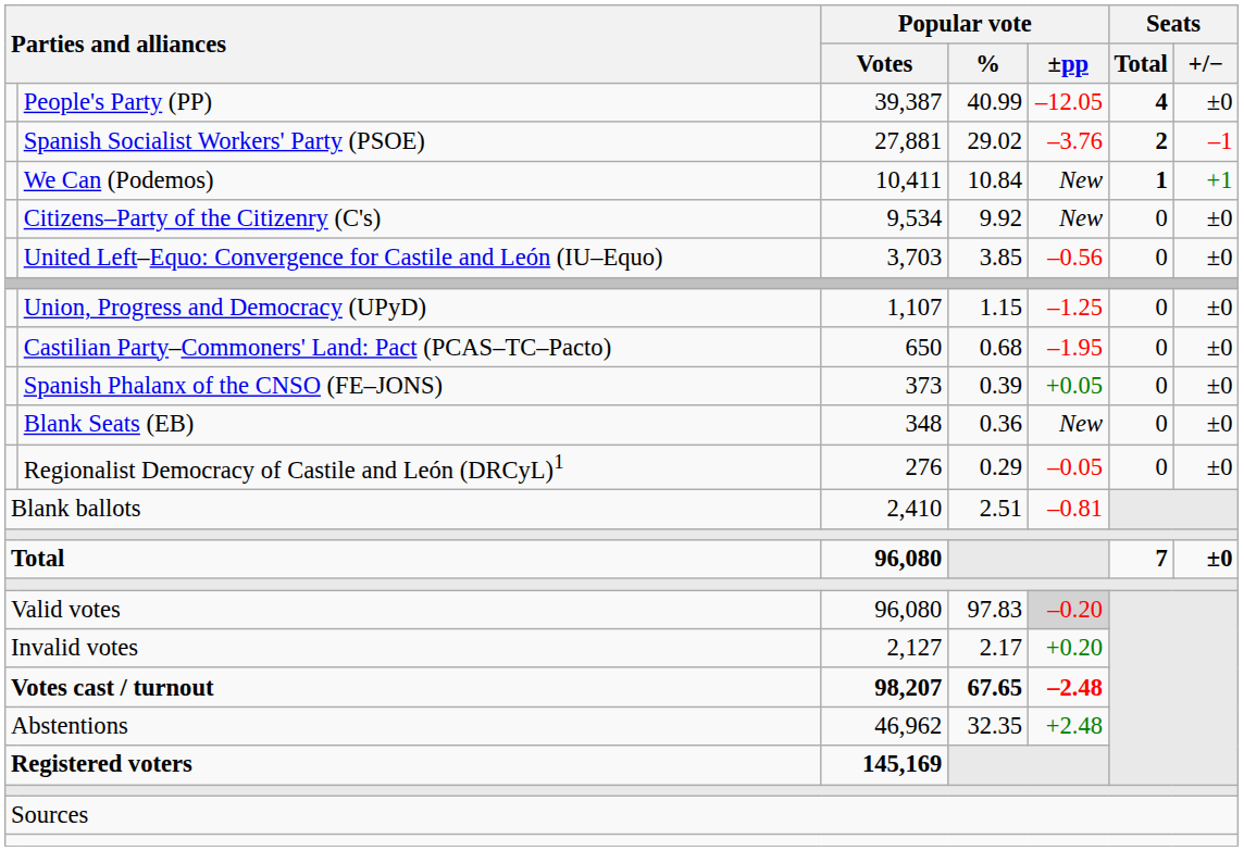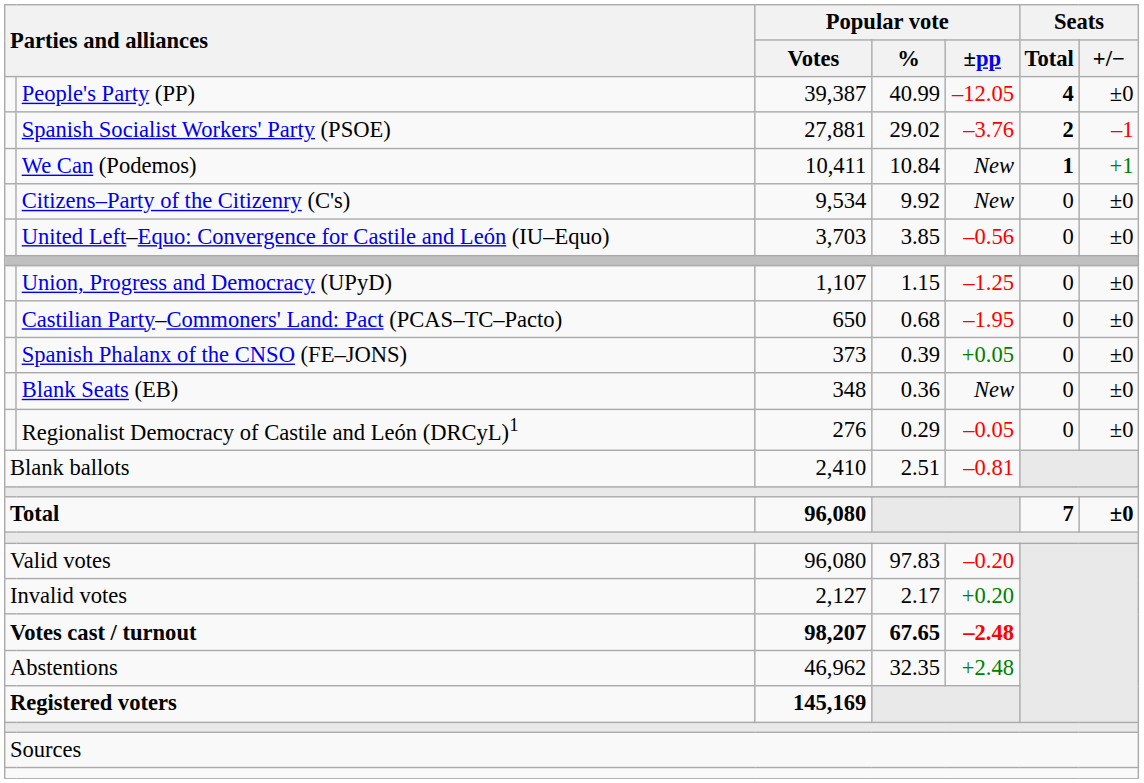 <table class="wikitable" style="text-align:right;">
 <tr>
 <th style="text-align:left;" rowspan="2" colspan="2" width="525">Parties and alliances</th>
 <th colspan="3">Popular vote</th>
 <th colspan="2">Seats</th>
 </tr>
 <tr>
 <th width="75">Votes</th>
 <th width="45">%</th>
 <th width="45">±<a href='#'>pp</a></th>
 <th width="35">Total</th>
 <th width="35">+/−</th>
 </tr>
 <tr>
 <td width="1" style="color:inherit;background:"></td>
 <td align="left"><a href='#'>People's Party</a> (PP)</td>
 <td>39,387</td>
 <td>40.99</td>
 <td style="color:red;">–12.05</td>
 <td><strong>4</strong></td>
 <td>±0</td>
 </tr>
 <tr>
 <td style="color:inherit;background:"></td>
 <td align="left"><a href='#'>Spanish Socialist Workers' Party</a> (PSOE)</td>
 <td>27,881</td>
 <td>29.02</td>
 <td style="color:red;">–3.76</td>
 <td><strong>2</strong></td>
 <td style="color:red;">–1</td>
 </tr>
 <tr>
 <td style="color:inherit;background:"></td>
 <td align="left"><a href='#'>We Can</a> (Podemos)</td>
 <td>10,411</td>
 <td>10.84</td>
 <td><em>New</em></td>
 <td><strong>1</strong></td>
 <td style="color:green;">+1</td>
 </tr>
 <tr>
 <td style="color:inherit;background:"></td>
 <td align="left"><a href='#'>Citizens–Party of the Citizenry</a> (C's)</td>
 <td>9,534</td>
 <td>9.92</td>
 <td><em>New</em></td>
 <td>0</td>
 <td>±0</td>
 </tr>
 <tr>
 <td style="color:inherit;background:"></td>
 <td align="left"><a href='#'>United Left</a>–<a href='#'>Equo: Convergence for Castile and León</a> (IU–Equo)</td>
 <td>3,703</td>
 <td>3.85</td>
 <td style="color:red;">–0.56</td>
 <td>0</td>
 <td>±0</td>
 </tr>
 <tr>
 <td colspan="7" bgcolor="#C0C0C0"></td>
 </tr>
 <tr>
 <td style="color:inherit;background:"></td>
 <td align="left"><a href='#'>Union, Progress and Democracy</a> (UPyD)</td>
 <td>1,107</td>
 <td>1.15</td>
 <td style="color:red;">–1.25</td>
 <td>0</td>
 <td>±0</td>
 </tr>
 <tr>
 <td style="color:inherit;background:"></td>
 <td align="left"><a href='#'>Castilian Party</a>–<a href='#'>Commoners' Land: Pact</a> (PCAS–TC–Pacto)</td>
 <td>650</td>
 <td>0.68</td>
 <td style="color:red;">–1.95</td>
 <td>0</td>
 <td>±0</td>
 </tr>
 <tr>
 <td style="color:inherit;background:"></td>
 <td align="left"><a href='#'>Spanish Phalanx of the CNSO</a> (FE–JONS)</td>
 <td>373</td>
 <td>0.39</td>
 <td style="color:green;">+0.05</td>
 <td>0</td>
 <td>±0</td>
 </tr>
 <tr>
 <td style="color:inherit;background:"></td>
 <td align="left"><a href='#'>Blank Seats</a> (EB)</td>
 <td>348</td>
 <td>0.36</td>
 <td><em>New</em></td>
 <td>0</td>
 <td>±0</td>
 </tr>
 <tr>
 <td style="color:inherit;background:"></td>
 <td align="left">Regionalist Democracy of Castile and León (DRCyL)<sup>1</sup></td>
 <td>276</td>
 <td>0.29</td>
 <td style="color:red;">–0.05</td>
 <td>0</td>
 <td>±0</td>
 </tr>
 <tr>
 <td align="left" colspan="2">Blank ballots</td>
 <td>2,410</td>
 <td>2.51</td>
 <td style="color:red;">–0.81</td>
 <td bgcolor="#E9E9E9" colspan="2"></td>
 </tr>
 <tr>
 <td colspan="7" bgcolor="#E9E9E9"></td>
 </tr>
 <tr style="font-weight:bold;">
 <td align="left" colspan="2">Total</td>
 <td>96,080</td>
 <td bgcolor="#E9E9E9" colspan="2"></td>
 <td>7</td>
 <td>±0</td>
 </tr>
 <tr>
 <td colspan="7" bgcolor="#E9E9E9"></td>
 </tr>
 <tr>
 <td align="left" colspan="2">Valid votes</td>
 <td>96,080</td>
 <td>97.83</td>
-<td style="background: lightgrey; color:red;">–0.20</td>
+<td style="color:red;">–0.20</td>
 <td bgcolor="#E9E9E9" colspan="2" rowspan="5"></td>
 </tr>
 <tr>
 <td align="left" colspan="2">Invalid votes</td>
 <td>2,127</td>
 <td>2.17</td>
 <td style="color:green;">+0.20</td>
 </tr>
 <tr style="font-weight:bold;">
 <td align="left" colspan="2">Votes cast / turnout</td>
 <td>98,207</td>
 <td>67.65</td>
 <td style="color:red;">–2.48</td>
 </tr>
 <tr>
 <td align="left" colspan="2">Abstentions</td>
 <td>46,962</td>
 <td>32.35</td>
 <td style="color:green;">+2.48</td>
 </tr>
 <tr style="font-weight:bold;">
 <td align="left" colspan="2">Registered voters</td>
 <td>145,169</td>
 <td bgcolor="#E9E9E9" colspan="2"></td>
 </tr>
 <tr>
 <td colspan="7" bgcolor="#E9E9E9"></td>
 </tr>
 <tr>
 <td align="left" colspan="7">Sources</td>
 </tr>
 <tr>
 <td colspan="7" style="text-align:left; max-width:790px;"></td>
 </tr>
 </table>
